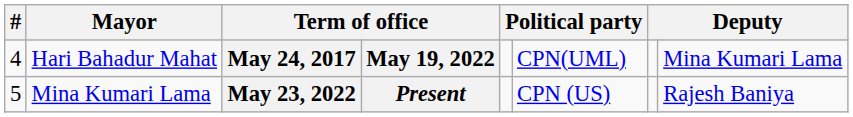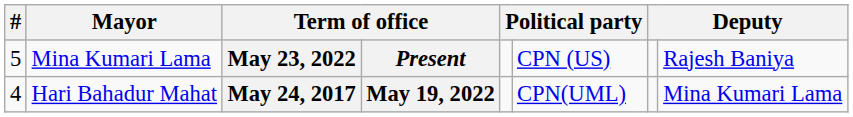 <table class="wikitable">
 <tr>
 <th>#</th>
 <th>Mayor</th>
 <th colspan="2">Term of office</th>
 <th colspan="2">Political party</th>
 <th colspan="2">Deputy</th>
+</tr>
+<tr>
+<td>5</td>
+<td><a href='#'>Mina Kumari Lama</a></td>
+<th>May 23, 2022</th>
+<th><em>Present</em></th>
+<td></td>
+<td><a href='#'>CPN (US)</a></td>
+<td></td>
+<td><a href='#'>Rajesh Baniya</a></td>
 </tr>
 <tr>
 <td>4</td>
 <td><a href='#'>Hari Bahadur Mahat</a></td>
 <th>May 24, 2017</th>
 <th>May 19, 2022</th>
 <td></td>
 <td><a href='#'>CPN(UML)</a></td>
 <td></td>
 <td><a href='#'>Mina Kumari Lama</a></td>
 </tr>
-<tr>
-<td>5</td>
-<td><a href='#'>Mina Kumari Lama</a></td>
-<th>May 23, 2022</th>
-<th><em>Present</em></th>
-<td></td>
-<td><a href='#'>CPN (US)</a></td>
-<td></td>
-<td><a href='#'>Rajesh Baniya</a></td>
-</tr>
 </table>
